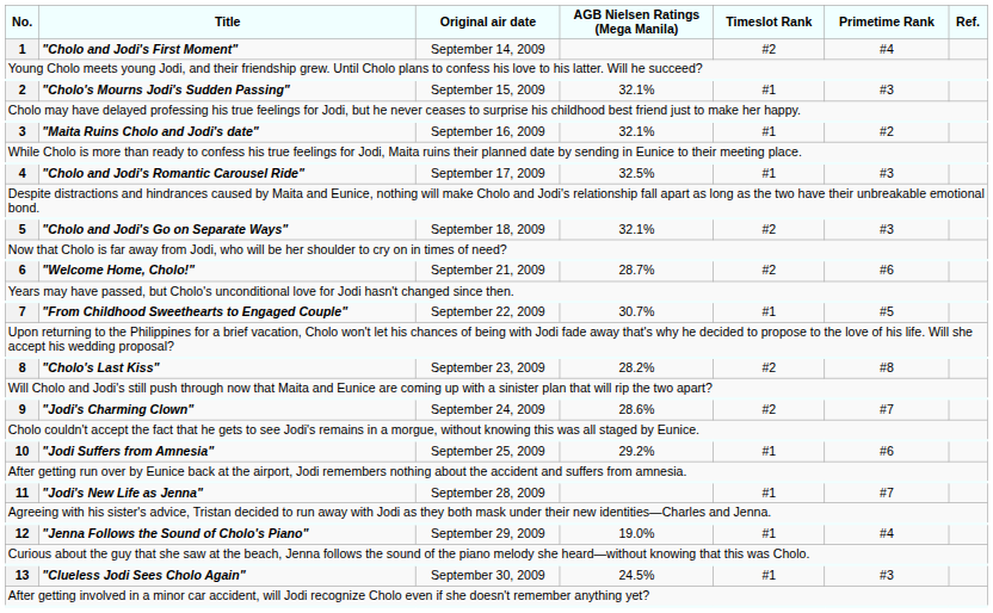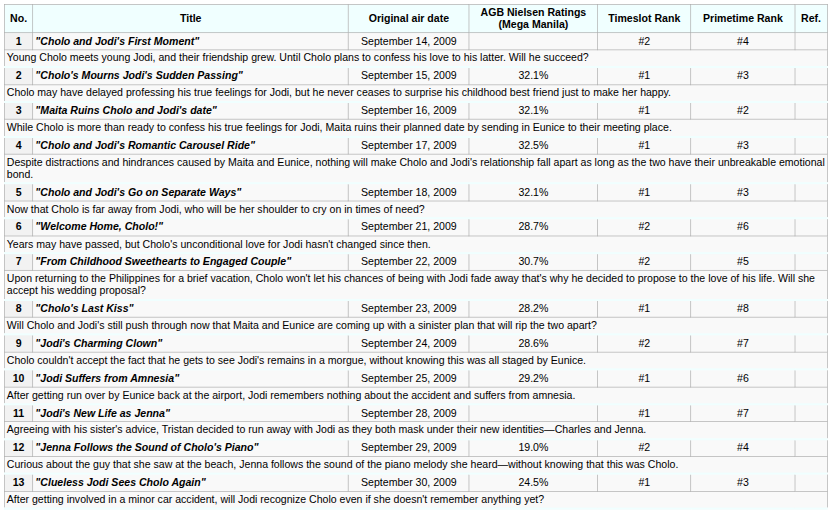 <table class="wikitable" style="text-align:center;">
 <tr>
 <th style="background:#F0FFFF; color:#000000">No.</th>
 <th style="background:#F0FFFF; color:#000000">Title</th>
 <th style="background:#F0FFFF; color:#000000">Original air date</th>
 <th style="background:#F0FFFF; color:#000000">AGB Nielsen Ratings<br>(Mega Manila)</th>
 <th style="background:#F0FFFF; color:#000000">Timeslot Rank</th>
 <th style="background:#F0FFFF; color:#000000">Primetime Rank</th>
 <th style="background:#F0FFFF; color:#000000">Ref.</th>
 </tr>
 <tr>
 <th>1</th>
 <td align="left"><strong><em>"Cholo and Jodi's First Moment"</em></strong></td>
 <td>September 14, 2009</td>
 <td></td>
 <td>#2</td>
 <td>#4</td>
 <td></td>
 </tr>
 <tr>
 <td colspan = "7" style="text-align: left; border-bottom: 3px solid #F0FFFF;">Young Cholo meets young Jodi, and their friendship grew. Until Cholo plans to confess his love to his latter. Will he succeed?</td>
 </tr>
 <tr>
 <th>2</th>
 <td align="left"><strong><em>"Cholo's Mourns Jodi's Sudden Passing"</em></strong></td>
 <td>September 15, 2009</td>
 <td>32.1%</td>
 <td>#1</td>
 <td>#3</td>
 <td></td>
 </tr>
 <tr>
 <td colspan = "7" style="text-align: left; border-bottom: 3px solid #F0FFFF;">Cholo may have delayed professing his true feelings for Jodi, but he never ceases to surprise his childhood best friend just to make her happy.</td>
 </tr>
 <tr>
 <th>3</th>
 <td align="left"><strong><em>"Maita Ruins Cholo and Jodi's date"</em></strong></td>
 <td>September 16, 2009</td>
 <td>32.1%</td>
 <td>#1</td>
 <td>#2</td>
 <td></td>
 </tr>
 <tr>
 <td colspan = "7" style="text-align: left; border-bottom: 3px solid #F0FFFF;">While Cholo is more than ready to confess his true feelings for Jodi, Maita ruins their planned date by sending in Eunice to their meeting place.</td>
 </tr>
 <tr>
 <th>4</th>
 <td align="left"><strong><em>"Cholo and Jodi's Romantic Carousel Ride"</em></strong></td>
 <td>September 17, 2009</td>
 <td>32.5%</td>
 <td>#1</td>
 <td>#3</td>
 <td></td>
 </tr>
 <tr>
 <td colspan = "7" style="text-align: left; border-bottom: 3px solid #F0FFFF;">Despite distractions and hindrances caused by Maita and Eunice, nothing will make Cholo and Jodi's relationship fall apart as long as the two have their unbreakable emotional bond.</td>
 </tr>
 <tr>
 <th>5</th>
 <td align="left"><strong><em>"Cholo and Jodi's Go on Separate Ways"</em></strong></td>
 <td>September 18, 2009</td>
 <td>32.1%</td>
-<td>#2</td>
+<td>#1</td>
 <td>#3</td>
 <td></td>
 </tr>
 <tr>
 <td colspan = "7" style="text-align: left; border-bottom: 3px solid #F0FFFF;">Now that Cholo is far away from Jodi, who will be her shoulder to cry on in times of need?</td>
 </tr>
 <tr>
 <th>6</th>
 <td align="left"><strong><em>"Welcome Home, Cholo!"</em></strong></td>
 <td>September 21, 2009</td>
 <td>28.7%</td>
 <td>#2</td>
 <td>#6</td>
 <td></td>
 </tr>
 <tr>
 <td colspan = "7" style="text-align: left; border-bottom: 3px solid #F0FFFF;">Years may have passed, but Cholo's unconditional love for Jodi hasn't changed since then.</td>
 </tr>
 <tr>
 <th>7</th>
 <td align="left"><strong><em>"From Childhood Sweethearts to Engaged Couple"</em></strong></td>
 <td>September 22, 2009</td>
 <td>30.7%</td>
-<td>#1</td>
+<td>#2</td>
 <td>#5</td>
 <td></td>
 </tr>
 <tr>
 <td colspan = "7" style="text-align: left; border-bottom: 3px solid #F0FFFF;">Upon returning to the Philippines for a brief vacation, Cholo won't let his chances of being with Jodi fade away that's why he decided to propose to the love of his life. Will she accept his wedding proposal?</td>
 </tr>
 <tr>
 <th>8</th>
 <td align="left"><strong><em>"Cholo's Last Kiss"</em></strong></td>
 <td>September 23, 2009</td>
 <td>28.2%</td>
-<td>#2</td>
+<td>#1</td>
 <td>#8</td>
 <td></td>
 </tr>
 <tr>
 <td colspan = "7" style="text-align: left; border-bottom: 3px solid #F0FFFF;">Will Cholo and Jodi's still push through now that Maita and Eunice are coming up with a sinister plan that will rip the two apart?</td>
 </tr>
 <tr>
 <th>9</th>
 <td align="left"><strong><em>"Jodi's Charming Clown"</em></strong></td>
 <td>September 24, 2009</td>
 <td>28.6%</td>
 <td>#2</td>
 <td>#7</td>
 <td></td>
 </tr>
 <tr>
 <td colspan = "7" style="text-align: left; border-bottom: 3px solid #F0FFFF;">Cholo couldn't accept the fact that he gets to see Jodi's remains in a morgue, without knowing this was all staged by Eunice.</td>
 </tr>
 <tr>
 <th>10</th>
 <td align="left"><strong><em>"Jodi Suffers from Amnesia"</em></strong></td>
 <td>September 25, 2009</td>
 <td>29.2%</td>
 <td>#1</td>
 <td>#6</td>
 <td></td>
 </tr>
 <tr>
 <td colspan = "7" style="text-align: left; border-bottom: 3px solid #F0FFFF;">After getting run over by Eunice back at the airport, Jodi remembers nothing about the accident and suffers from amnesia.</td>
 </tr>
 <tr>
 <th>11</th>
 <td align="left"><strong><em>"Jodi's New Life as Jenna"</em></strong></td>
 <td>September 28, 2009</td>
 <td></td>
 <td>#1</td>
 <td>#7</td>
 <td></td>
 </tr>
 <tr>
 <td colspan = "7" style="text-align: left; border-bottom: 3px solid #F0FFFF;">Agreeing with his sister's advice, Tristan decided to run away with Jodi as they both mask under their new identities—Charles and Jenna.</td>
 </tr>
 <tr>
 <th>12</th>
 <td align="left"><strong><em>"Jenna Follows the Sound of Cholo's Piano"</em></strong></td>
 <td>September 29, 2009</td>
 <td>19.0%</td>
-<td>#1</td>
+<td>#2</td>
 <td>#4</td>
 <td></td>
 </tr>
 <tr>
 <td colspan = "7" style="text-align: left; border-bottom: 3px solid #F0FFFF;">Curious about the guy that she saw at the beach, Jenna follows the sound of the piano melody she heard—without knowing that this was Cholo.</td>
 </tr>
 <tr>
 <th>13</th>
 <td align="left"><strong><em>"Clueless Jodi Sees Cholo Again"</em></strong></td>
 <td>September 30, 2009</td>
 <td>24.5%</td>
 <td>#1</td>
 <td>#3</td>
 <td></td>
 </tr>
 <tr>
 <td colspan = "7" style="text-align: left; border-bottom: 3px solid #F0FFFF;">After getting involved in a minor car accident, will Jodi recognize Cholo even if she doesn't remember anything yet?</td>
 </tr>
 </table>
